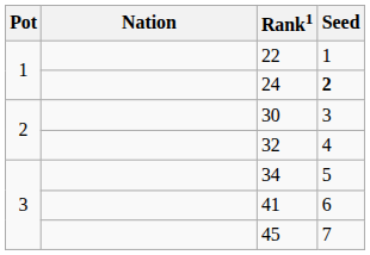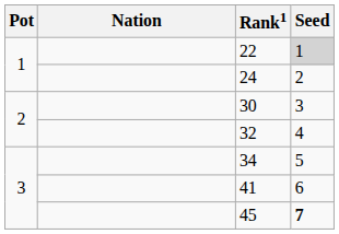 <table class="wikitable">
 <tr>
 <th>Pot</th>
 <th width="175">Nation</th>
 <th>Rank<sup>1</sup></th>
 <th>Seed</th>
 </tr>
 <tr>
 <td rowspan=2 style="text-align:center;">1</td>
 <td></td>
 <td>22</td>
-<td>1</td>
+<td style="background: lightgrey;">1</td>
 </tr>
 <tr>
 <td></td>
 <td>24</td>
-<td><strong>2</strong></td>
+<td>2</td>
 </tr>
 <tr>
 <td rowspan=2 style="text-align:center;">2</td>
 <td></td>
 <td>30</td>
 <td>3</td>
 </tr>
 <tr>
 <td></td>
 <td>32</td>
 <td>4</td>
 </tr>
 <tr>
 <td rowspan=3 style="text-align:center;">3</td>
 <td></td>
 <td>34</td>
 <td>5</td>
 </tr>
 <tr>
 <td></td>
 <td>41</td>
 <td>6</td>
 </tr>
 <tr>
 <td></td>
 <td>45</td>
-<td>7</td>
+<td><strong>7</strong></td>
 </tr>
 </table>
